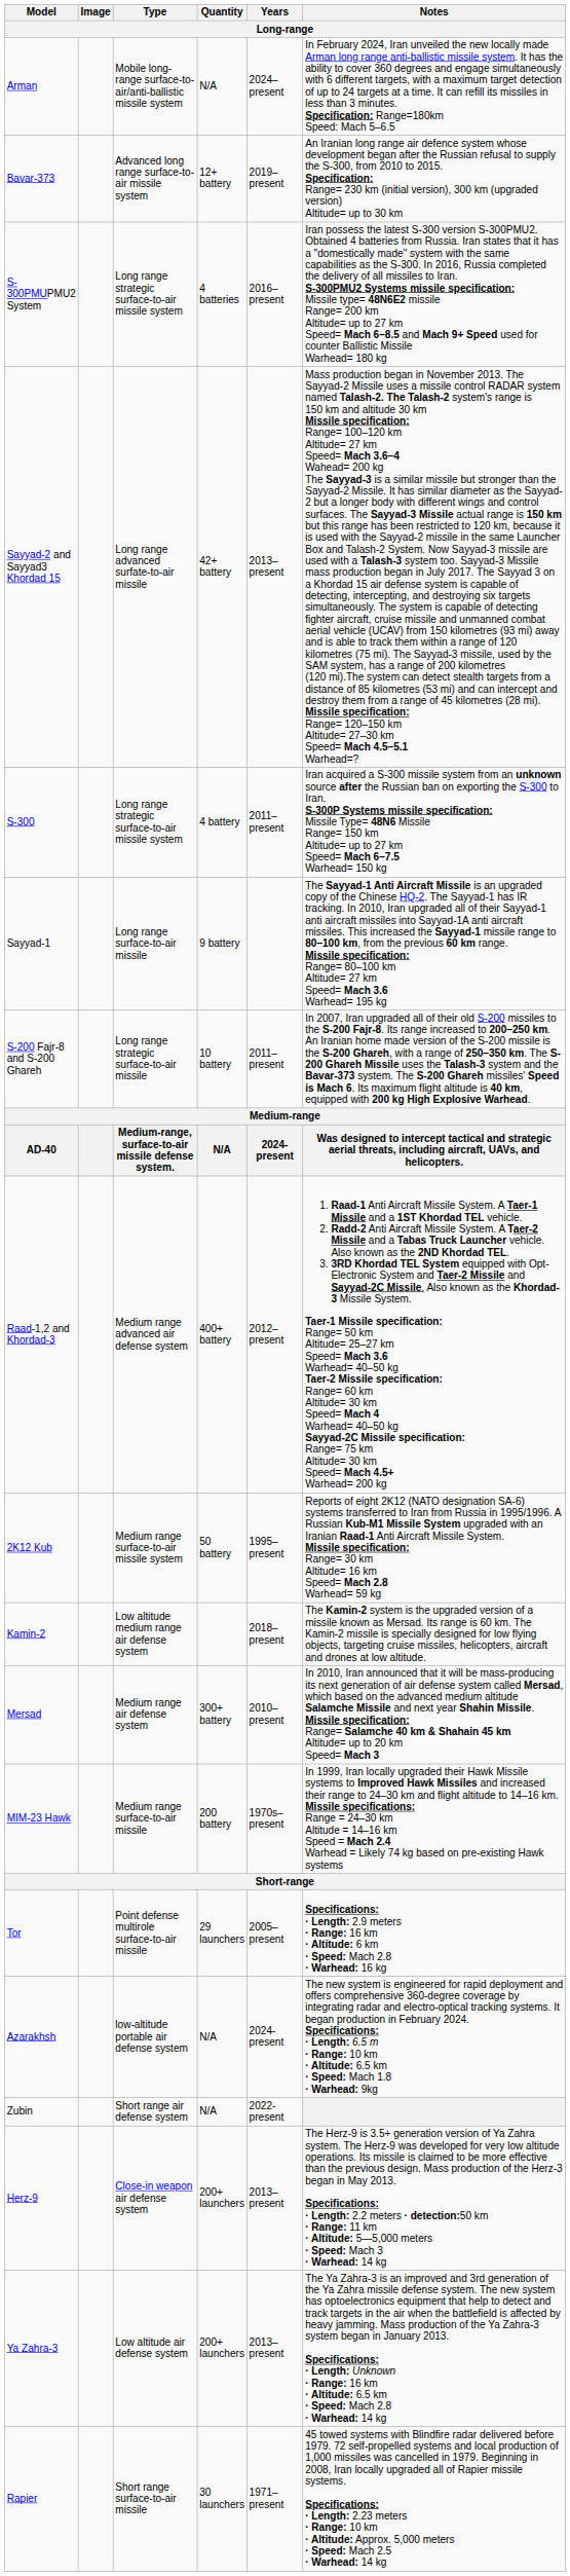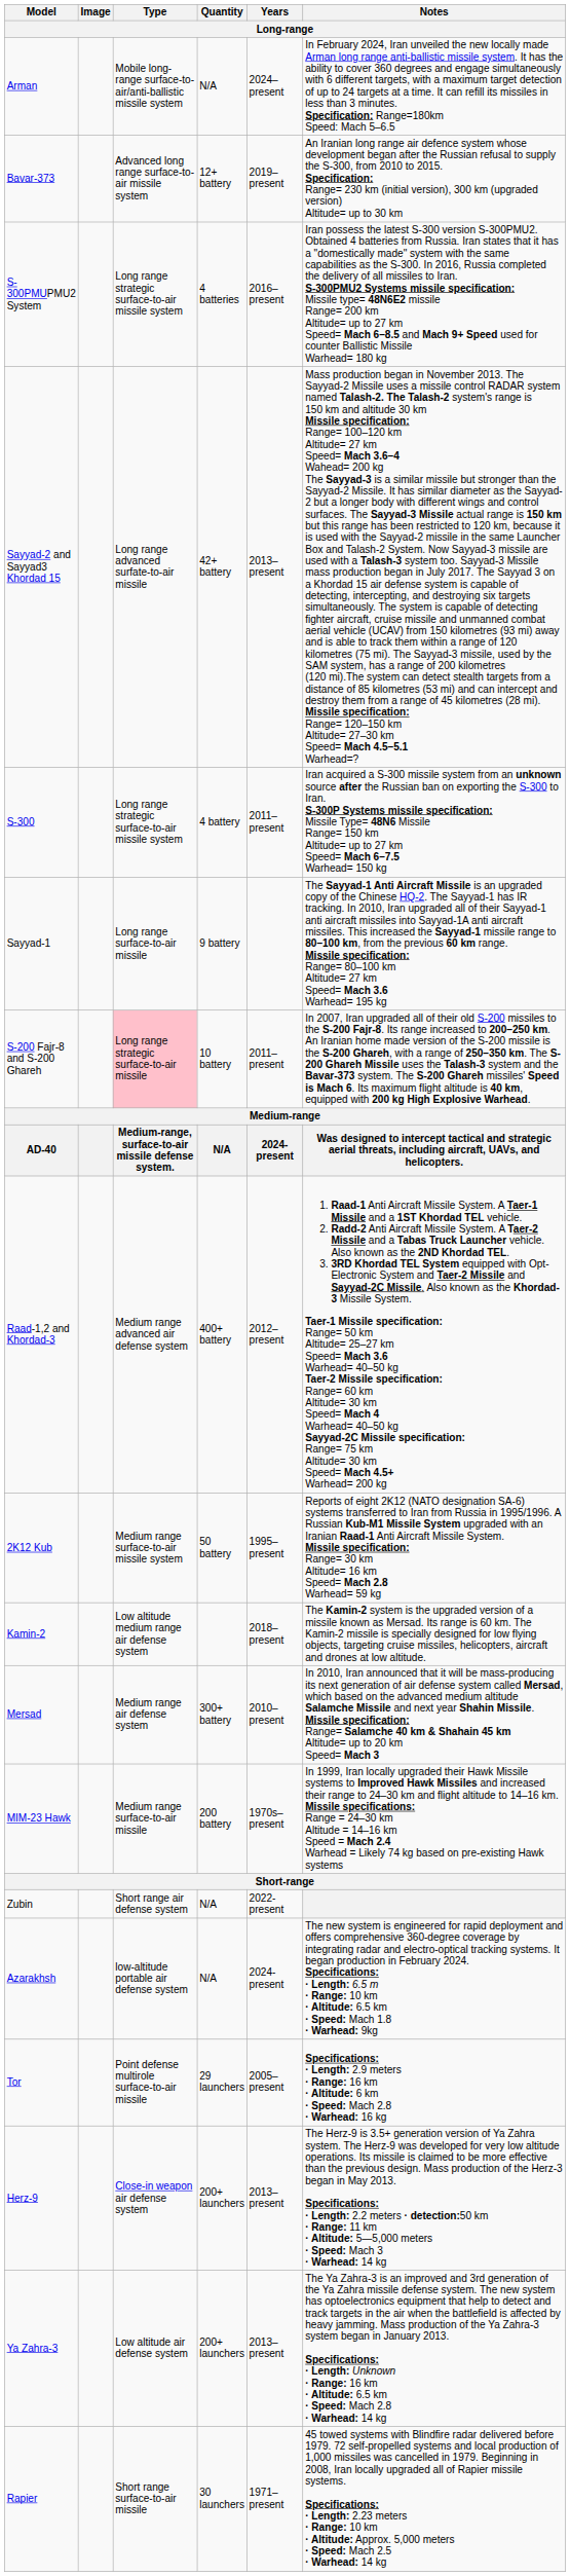 <table class="wikitable">
 <tr>
 <th style="width:10%;">Model</th>
 <th>Image</th>
 <th style="width:15%;">Type</th>
 <th style="width:7%;">Quantity</th>
 <th style="width:10%;">Years</th>
 <th>Notes</th>
 </tr>
 <tr>
 <th colspan="6">Long-range</th>
 </tr>
 <tr>
 <td><a href='#'>Arman</a></td>
 <td></td>
 <td>Mobile long-range surface-to-air/anti-ballistic missile system</td>
 <td>N/A</td>
 <td>2024–present</td>
 <td>In February 2024, Iran unveiled the new locally made <a href='#'>Arman long range anti-ballistic missile system</a>. It has the ability to cover 360 degrees and engage simultaneously with 6 different targets, with a maximum target detection of up to 24 targets at a time. It can refill its missiles in less than 3 minutes.<br><strong><u>Specification:</u></strong>          Range=180km<br>Speed: Mach 5–6.5</td>
 </tr>
 <tr>
 <td><a href='#'>Bavar-373</a></td>
 <td></td>
 <td>Advanced long range surface-to-air missile system</td>
 <td>12+ battery</td>
 <td>2019–present</td>
 <td>An Iranian long range air defence system whose development began after the Russian refusal to supply the S-300, from 2010 to 2015.<br><strong><u>Specification:</u></strong><br>Range= 230 km (initial version), 300 km (upgraded version)<br>Altitude= up to 30 km</td>
 </tr>
 <tr>
 <td><a href='#'>S-300PMU</a>PMU2 System</td>
 <td></td>
 <td>Long range strategic surface-to-air missile system</td>
 <td>4 batteries</td>
 <td>2016–present</td>
 <td>Iran possess the latest S-300 version S-300PMU2. Obtained 4 batteries from Russia. Iran states that it has a "domestically made" system with the same capabilities as the S-300. In 2016, Russia completed the delivery of all missiles to Iran.<br><strong><u>S-300PMU2 Systems missile specification:</u></strong><br>Missile type= <strong>48N6E2</strong> missile<br>Range= 200 km<br>Altitude= up to 27 km<br>Speed= <strong>Mach 6–8.5</strong> and <strong>Mach 9+ Speed</strong> used for counter Ballistic Missile<br>Warhead= 180 kg</td>
 </tr>
 <tr>
 <td><a href='#'>Sayyad-2</a> and Sayyad3 <a href='#'>Khordad 15</a></td>
 <td></td>
 <td>Long range advanced surfate-to-air missile</td>
 <td>42+ battery</td>
 <td>2013–present</td>
 <td>Mass production began in November 2013. The Sayyad-2 Missile uses a missile control RADAR system named <strong>Talash-2. The Talash-2</strong> system's range is 150 km and altitude 30 km<br><strong><u>Missile specification:</u></strong><br>Range= 100–120 km<br>Altitude= 27 km<br>Speed= <strong>Mach 3.6–4</strong><br>Wahead= 200 kg<br>The <strong>Sayyad-3</strong> is a similar missile but stronger than the Sayyad-2 Missile. It has similar diameter as the Sayyad-2 but a longer body with different wings and control surfaces. The <strong>Sayyad-3 Missile</strong> actual range is <strong>150 km</strong> but this range has been restricted to 120 km, because it is used with the Sayyad-2 missile in the same Launcher Box and Talash-2 System. Now Sayyad-3 missile are used with a <strong>Talash-3</strong> system too. Sayyad-3 Missile mass production began in July 2017. The Sayyad 3 on a Khordad 15 air defense system is capable of detecting, intercepting, and destroying six targets simultaneously. The system is capable of detecting fighter aircraft, cruise missile and unmanned combat aerial vehicle (UCAV) from 150 kilometres (93 mi) away and is able to track them within a range of 120 kilometres (75 mi). The Sayyad-3 missile, used by the SAM system, has a range of 200 kilometres (120 mi).The system can detect stealth targets from a distance of 85 kilometres (53 mi) and can intercept and destroy them from a range of 45 kilometres (28 mi).<br><strong><u>Missile specification:</u></strong><br>Range= 120–150 km<br>Altitude= 27–30 km<br>Speed= <strong>Mach 4.5–5.1</strong><br>Warhead=?</td>
 </tr>
 <tr>
 <td><a href='#'>S-300</a></td>
 <td></td>
 <td>Long range strategic surface-to-air missile system</td>
 <td>4 battery</td>
 <td>2011–present</td>
 <td>Iran acquired a S-300 missile system from an <strong>unknown</strong> source <strong>after</strong> the Russian ban on exporting the <a href='#'>S-300</a> to Iran.<br><strong><u>S-300P Systems missile specification:</u></strong><br>Missile Type= <strong>48N6</strong> Missile<br>Range= 150 km<br>Altitude= up to 27 km<br>Speed= <strong>Mach 6–7.5</strong><br>Warhead= 150 kg</td>
 </tr>
 <tr>
 <td>Sayyad-1</td>
 <td></td>
 <td>Long range surface-to-air missile</td>
 <td>9 battery</td>
 <td></td>
 <td>The <strong>Sayyad-1 Anti Aircraft Missile</strong> is an upgraded copy of the Chinese <a href='#'>HQ-2</a>. The Sayyad-1 has IR tracking. In 2010, Iran upgraded all of their Sayyad-1 anti aircraft missiles into Sayyad-1A anti aircraft missiles. This increased the <strong>Sayyad-1</strong> missile range to <strong>80–100 km</strong>, from the previous <strong>60 km</strong> range.<br><strong><u>Missile specification:</u></strong><br>Range= 80–100 km<br>Altitude= 27 km<br>Speed= <strong>Mach 3.6</strong><br>Warhead= 195 kg</td>
 </tr>
 <tr>
 <td><a href='#'>S-200</a> Fajr-8 and S-200 Ghareh</td>
 <td></td>
-<td>Long range strategic surface-to-air missile</td>
+<td style="background: pink;">Long range strategic surface-to-air missile</td>
 <td>10 battery</td>
 <td>2011–present</td>
 <td>In 2007, Iran upgraded all of their old <a href='#'>S-200</a> missiles to the <strong>S-200 Fajr-8</strong>. Its range increased to <strong>200–250 km</strong>. An Iranian home made version of the S-200 missile is the <strong>S-200</strong> <strong>Ghareh</strong>, with a range of <strong>250–350 km</strong>. The <strong>S-200</strong> <strong>Ghareh Missile</strong> uses the <strong>Talash-3</strong> system and the <strong>Bavar-373</strong> system. The <strong>S-200 Ghareh</strong> missiles' <strong>Speed is Mach 6</strong>. Its maximum flight altitude is <strong>40 km</strong>, equipped with <strong>200 kg High Explosive Warhead</strong>.</td>
 </tr>
 <tr>
 <th colspan="6">Medium-range</th>
 </tr>
 <tr>
 <th>AD-40</th>
 <th></th>
 <th>Medium-range, surface-to-air missile defense system.</th>
 <th>N/A</th>
 <th>2024-present</th>
 <th>Was designed to intercept tactical and strategic aerial threats, including aircraft, UAVs, and helicopters.</th>
 </tr>
 <tr>
 <td><a href='#'>Raad</a>-1,2 and <a href='#'>Khordad-3</a></td>
 <td><br></td>
 <td>Medium range advanced air defense system</td>
 <td>400+ battery</td>
 <td>2012–present</td>
 <td><br><ol><li><strong>Raad-1</strong> Anti Aircraft Missile System. A <strong><u>Taer-1 Missile</u></strong> and a <strong>1ST Khordad TEL</strong> vehicle.</li><li><strong>Radd-2</strong> Anti Aircraft Missile System. A <strong>T<u>aer-2 Missile</u></strong> and a <strong>Tabas Truck Launcher</strong> vehicle. Also known as the <strong>2ND Khordad TEL</strong>.</li><li><strong>3RD Khordad</strong> <strong>TEL System</strong> equipped with Opt-Electronic System and <u><strong>Taer-2 Missile</strong></u> and <u><strong>Sayyad-2C Missile</strong>.</u> Also known as the <strong>Khordad-3</strong> Missile System.</li></ol><strong>Taer-1 Missile specification:</strong><br>Range= 50 km<br>Altitude= 25–27 km<br>Speed= <strong>Mach 3.6</strong><br>Warhead= 40–50 kg<br><strong>Taer-2 Missile specification:</strong><br>Range= 60 km<br>Altitude= 30 km<br>Speed= <strong>Mach 4</strong><br>Warhead= 40–50 kg<br><strong>Sayyad-2C Missile specification:</strong><br>Range= 75 km<br>Altitude= 30 km<br>Speed= <strong>Mach 4.5+</strong><br>Warhead= 200 kg</td>
 </tr>
 <tr>
 <td><a href='#'>2K12 Kub</a></td>
 <td></td>
 <td>Medium range surface-to-air missile system</td>
 <td>50 battery</td>
 <td>1995–present</td>
 <td>Reports of eight 2K12 (NATO designation SA-6) systems transferred to Iran from Russia in 1995/1996. A Russian <strong>Kub-M1 Missile System</strong> upgraded with an Iranian <strong>Raad-1</strong> Anti Aircraft Missile System.<br><strong><u>Missile specification:</u></strong><br>Range= 30 km<br>Altitude= 16 km<br>Speed= <strong>Mach 2.8</strong><br>Warhead= 59 kg</td>
 </tr>
 <tr>
 <td><a href='#'>Kamin-2</a></td>
 <td></td>
 <td>Low altitude medium range air defense system</td>
 <td></td>
 <td>2018–present</td>
 <td>The <strong>Kamin-2</strong> system is the upgraded version of a missile known as Mersad. Its range is 60 km. The Kamin-2 missile is specially designed for low flying objects, targeting cruise missiles, helicopters, aircraft and drones at low altitude.</td>
 </tr>
 <tr>
 <td><a href='#'>Mersad</a></td>
 <td></td>
 <td>Medium range air defense system</td>
 <td>300+ battery</td>
 <td>2010–present</td>
 <td>In 2010, Iran announced that it will be mass-producing its next generation of air defense system called <strong>Mersad</strong>, which based on the advanced medium altitude <strong>Salamche Missile</strong> and next year <strong>Shahin</strong> <strong>Missile</strong>.<br><strong><u>Missile specification:</u></strong><br>Range= <strong>Salamche 40 km & Shahain 45 km</strong><br>Altitude= up to 20 km<br>Speed= <strong>Mach 3</strong></td>
 </tr>
 <tr>
 <td><a href='#'>MIM-23 Hawk</a></td>
 <td></td>
 <td>Medium range surface-to-air missile</td>
 <td>200 battery</td>
 <td>1970s–present</td>
 <td>In 1999, Iran locally upgraded their Hawk Missile systems to <strong>Improved Hawk Missiles</strong> and increased their range to 24–30 km and flight altitude to 14–16 km.<br><strong><u>Missile specifications:</u></strong><br>Range = 24–30 km<br>Altitude = 14–16 km<br>Speed = <strong>Mach 2.4</strong><br>Warhead = Likely 74 kg based on pre-existing Hawk systems</td>
 </tr>
 <tr>
 <th colspan="6">Short-range</th>
 </tr>
 <tr>
-<td><a href='#'>Tor</a></td>
+<td>Zubin</td>
 <td></td>
-<td>Point defense multirole surface-to-air missile</td>
-<td>29 launchers</td>
-<td>2005–present</td>
-<td><br><strong><u>Specifications:</u></strong><br> <strong>· Length:</strong> 2.9 meters<br> <strong>· Range:</strong> 16 km<br> <strong>· Altitude:</strong> 6 km<br> <strong>· Speed:</strong> Mach 2.8<br> <strong>· Warhead:</strong> 16 kg</td>
+<td>Short range air defense system</td>
+<td>N/A</td>
+<td>2022-present</td>
+<th></th>
 </tr>
 <tr>
 <td><a href='#'>Azarakhsh</a></td>
 <td></td>
 <td>low-altitude portable air defense system</td>
 <td>N/A</td>
 <td>2024-present</td>
 <td>The new system is engineered for rapid deployment and offers comprehensive 360-degree coverage by integrating radar and electro-optical tracking systems. It began production in February 2024.<br><strong><u>Specifications:</u></strong><br> <strong>· Length:</strong> <em>6.5 m</em><br> <strong>· Range:</strong> 10 km<br> <strong>· Altitude:</strong> 6.5 km<br> <strong>· Speed:</strong> Mach 1.8<br> <strong>· Warhead:</strong> 9kg</td>
 </tr>
 <tr>
-<td>Zubin</td>
+<td><a href='#'>Tor</a></td>
 <td></td>
-<td>Short range air defense system</td>
-<td>N/A</td>
-<td>2022-present</td>
-<th></th>
+<td>Point defense multirole surface-to-air missile</td>
+<td>29 launchers</td>
+<td>2005–present</td>
+<td><br><strong><u>Specifications:</u></strong><br> <strong>· Length:</strong> 2.9 meters<br> <strong>· Range:</strong> 16 km<br> <strong>· Altitude:</strong> 6 km<br> <strong>· Speed:</strong> Mach 2.8<br> <strong>· Warhead:</strong> 16 kg</td>
 </tr>
 <tr>
 <td><a href='#'>Herz-9</a></td>
 <td></td>
 <td><a href='#'>Close-in weapon</a> air defense system</td>
 <td>200+ launchers</td>
 <td>2013–present</td>
 <td>The Herz-9 is 3.5+ generation version of Ya Zahra system. The Herz-9 was developed for very low altitude operations. Its missile is claimed to be more effective than the previous design. Mass production of the Herz-3 began in May 2013.<br><br><strong><u>Specifications:</u></strong><br> <strong>· Length:</strong> 2.2 meters                     <strong>· detection:</strong>50 km<br> <strong>· Range:</strong> 11 km<br> <strong>· Altitude:</strong> 5—5,000 meters<br> <strong>· Speed:</strong> Mach 3<br> <strong>· Warhead:</strong> 14 kg</td>
 </tr>
 <tr>
 <td><a href='#'>Ya Zahra-3</a></td>
 <td></td>
 <td>Low altitude air defense system</td>
 <td>200+ launchers</td>
 <td>2013–present</td>
 <td>The Ya Zahra-3 is an improved and 3rd generation of the Ya Zahra missile defense system. The new system has optoelectronics equipment that help to detect and track targets in the air when the battlefield is affected by heavy jamming. Mass production of the Ya Zahra-3 system began in January 2013.<br><br><strong><u>Specifications:</u></strong><br> <strong>· Length:</strong> <em>Unknown</em><br> <strong>· Range:</strong> 16 km<br> <strong>· Altitude:</strong> 6.5 km<br> <strong>· Speed:</strong> Mach 2.8<br> <strong>· Warhead:</strong> 14 kg</td>
 </tr>
 <tr>
 <td><a href='#'>Rapier</a></td>
 <td></td>
 <td>Short range surface-to-air missile</td>
 <td>30 launchers</td>
 <td>1971–present</td>
 <td>45 towed systems with Blindfire radar delivered before 1979. 72 self-propelled systems and local production of 1,000 missiles was cancelled in 1979. Beginning in 2008, Iran locally upgraded all of Rapier missile systems.<br><br><strong><u>Specifications:</u></strong><br> <strong>· Length:</strong> 2.23 meters<br> <strong>· Range:</strong> 10 km<br> <strong>· Altitude:</strong> Approx. 5,000 meters<br> <strong>· Speed:</strong> Mach 2.5<br> <strong>· Warhead:</strong> 14 kg</td>
 </tr>
 </table>
